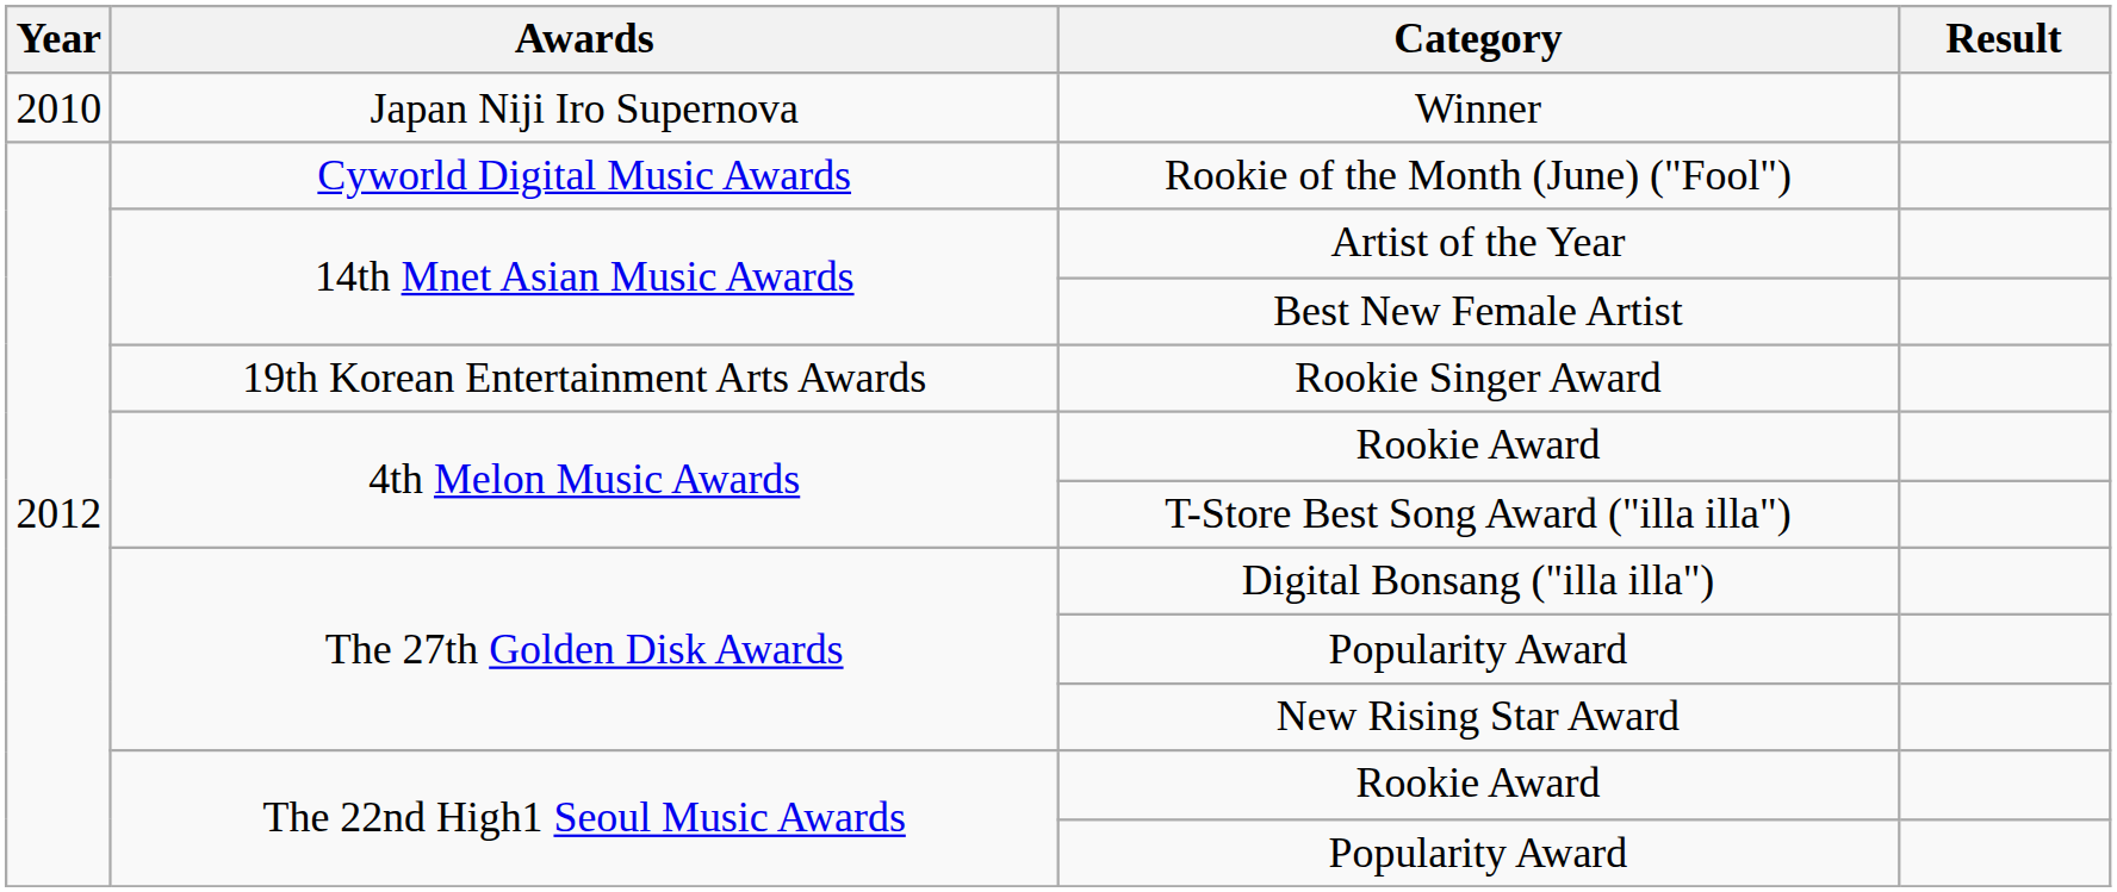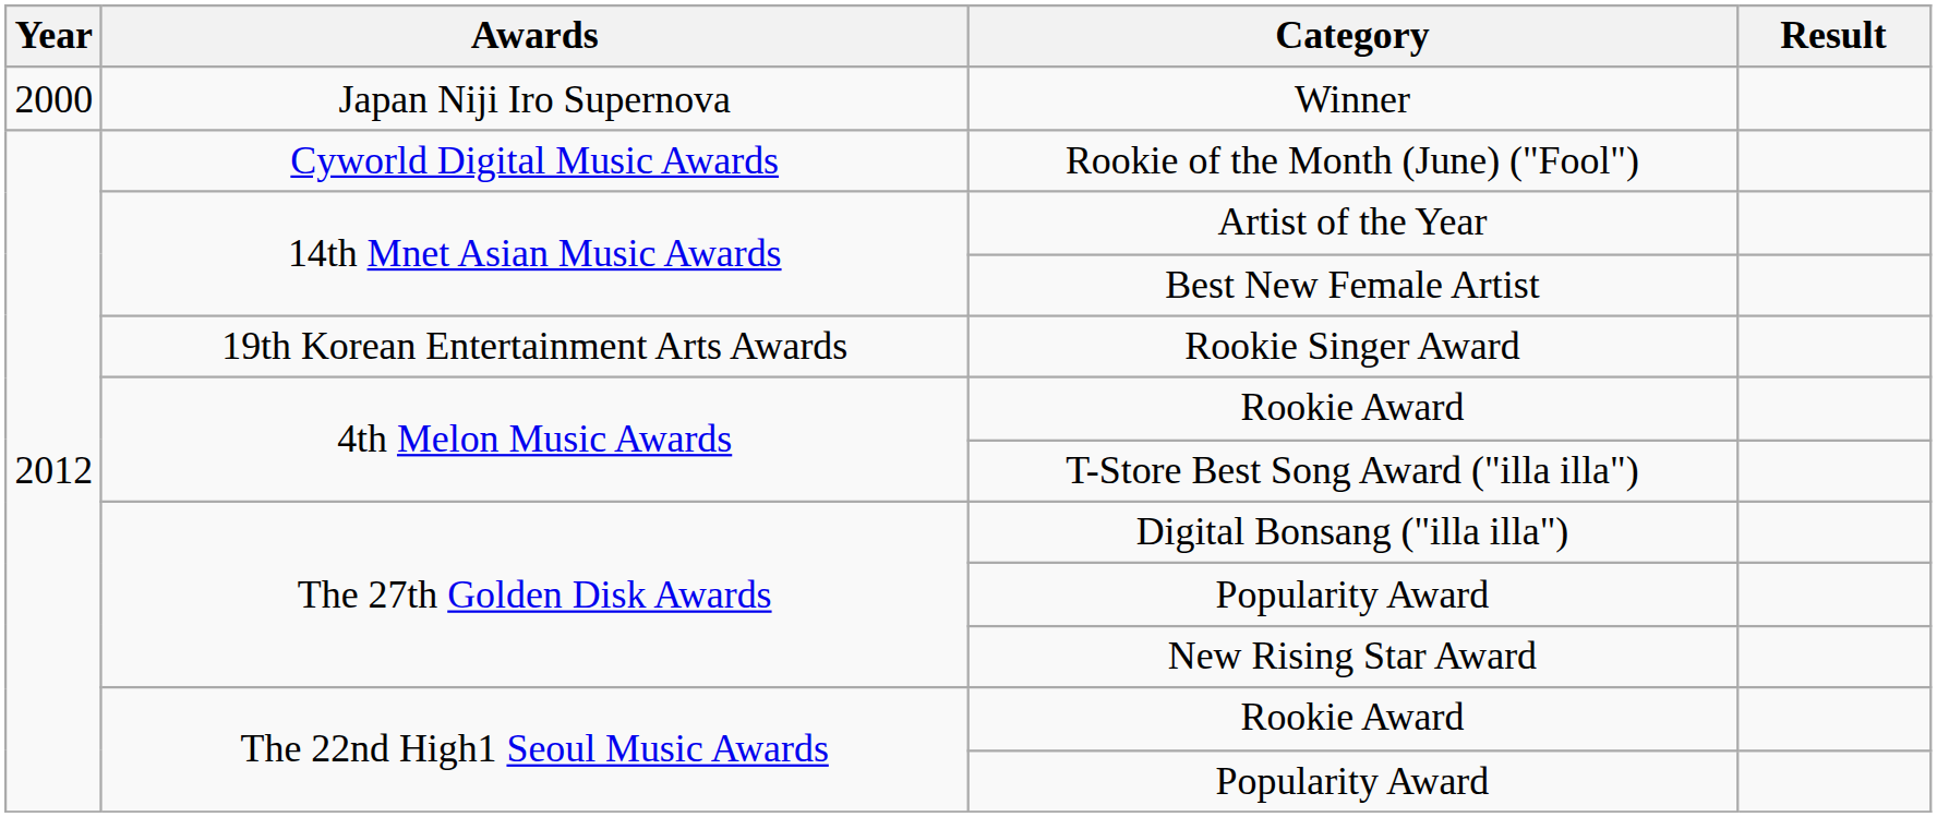 <table class="wikitable" style="text-align:center">
 <tr>
 <th width=5%>Year</th>
 <th width=45%>Awards</th>
 <th width=40%>Category</th>
 <th width=10%>Result</th>
 </tr>
 <tr>
-<td>2010</td>
+<td>2000</td>
 <td>Japan Niji Iro Supernova</td>
 <td>Winner</td>
 <td></td>
 </tr>
 <tr>
 <td rowspan="11">2012</td>
 <td><a href='#'>Cyworld Digital Music Awards</a></td>
 <td>Rookie of the Month (June) ("Fool")</td>
 <td></td>
 </tr>
 <tr>
 <td rowspan="2">14th <a href='#'>Mnet Asian Music Awards</a></td>
 <td>Artist of the Year</td>
 <td></td>
 </tr>
 <tr>
 <td>Best New Female Artist</td>
 <td></td>
 </tr>
 <tr>
 <td>19th Korean Entertainment Arts Awards</td>
 <td>Rookie Singer Award</td>
 <td></td>
 </tr>
 <tr>
 <td rowspan="2">4th <a href='#'>Melon Music Awards</a></td>
 <td>Rookie Award</td>
 <td></td>
 </tr>
 <tr>
 <td>T-Store Best Song Award ("illa illa")</td>
 <td></td>
 </tr>
 <tr>
 <td rowspan="3">The 27th <a href='#'>Golden Disk Awards</a></td>
 <td>Digital Bonsang ("illa illa")</td>
 <td></td>
 </tr>
 <tr>
 <td>Popularity Award</td>
 <td></td>
 </tr>
 <tr>
 <td>New Rising Star Award</td>
 <td></td>
 </tr>
 <tr>
 <td rowspan="2">The 22nd High1 <a href='#'>Seoul Music Awards</a></td>
 <td>Rookie Award</td>
 <td></td>
 </tr>
 <tr>
 <td>Popularity Award</td>
 <td></td>
 </tr>
 </table>
